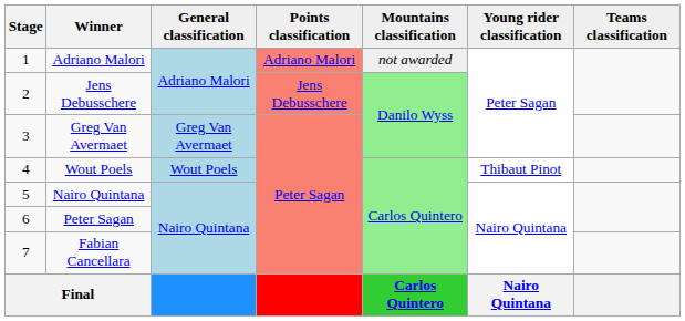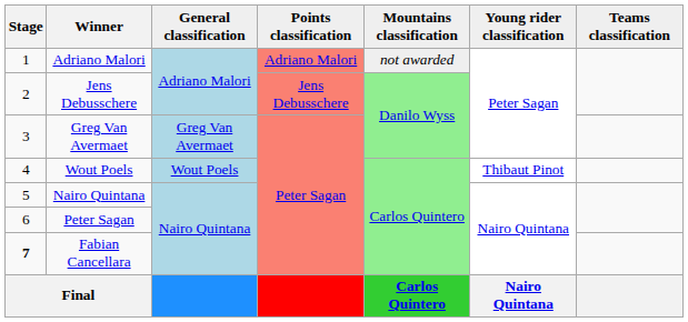 <table class="wikitable" style="text-align: center; font-size:smaller;">
 <tr>
 <th width="1%">Stage</th>
 <th width="16.5%">Winner</th>
 <th style="background:#EFEFEF;" width="16.5%">General classification<br></th>
 <th style="background:#EFEFEF;" width="16.5%">Points classification<br></th>
 <th style="background:#EFEFEF;" width="16.5%">Mountains classification<br></th>
 <th style="background:#EFEFEF;" width="16.5%">Young rider classification<br></th>
 <th style="background:#EFEFEF;" width="16.5%">Teams classification</th>
 </tr>
 <tr>
 <td>1</td>
 <td><a href='#'>Adriano Malori</a></td>
 <td style="background-color:lightblue;" rowspan=2><a href='#'>Adriano Malori</a></td>
 <td style="background-color:salmon;"><a href='#'>Adriano Malori</a></td>
 <td style="background-color:#EFEFEF;"><em>not awarded</em></td>
 <td style="background-color:white;" rowspan=3><a href='#'>Peter Sagan</a></td>
 <td rowspan=2></td>
 </tr>
 <tr>
 <td>2</td>
 <td><a href='#'>Jens Debusschere</a></td>
 <td style="background-color:salmon;"><a href='#'>Jens Debusschere</a></td>
 <td style="background-color:lightgreen;" rowspan=2><a href='#'>Danilo Wyss</a></td>
 </tr>
 <tr>
 <td>3</td>
 <td><a href='#'>Greg Van Avermaet</a></td>
 <td style="background-color:lightblue;"><a href='#'>Greg Van Avermaet</a></td>
 <td style="background-color:salmon;" rowspan=5><a href='#'>Peter Sagan</a></td>
 <td></td>
 </tr>
 <tr>
 <td>4</td>
 <td><a href='#'>Wout Poels</a></td>
 <td style="background-color:lightblue;"><a href='#'>Wout Poels</a></td>
 <td style="background-color:lightgreen;" rowspan=4><a href='#'>Carlos Quintero</a></td>
 <td style="background-color:white;"><a href='#'>Thibaut Pinot</a></td>
 <td></td>
 </tr>
 <tr>
 <td>5</td>
 <td><a href='#'>Nairo Quintana</a></td>
 <td style="background-color:lightblue;" rowspan=3><a href='#'>Nairo Quintana</a></td>
 <td style="background-color:white;" rowspan=3><a href='#'>Nairo Quintana</a></td>
 <td rowspan=2></td>
 </tr>
 <tr>
 <td>6</td>
 <td><a href='#'>Peter Sagan</a></td>
 </tr>
 <tr>
-<td>7</td>
+<td><strong>7</strong></td>
 <td><a href='#'>Fabian Cancellara</a></td>
 <td></td>
 </tr>
 <tr>
 <th colspan="2">Final</th>
 <th style="background-color:dodgerblue;"></th>
 <th style="background-color:red;"></th>
 <th style="background-color:limegreen;"><a href='#'>Carlos Quintero</a></th>
 <th style="background-color:offwhite;"><a href='#'>Nairo Quintana</a></th>
 <th></th>
 </tr>
 </table>
